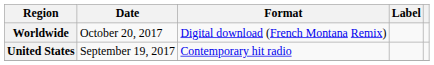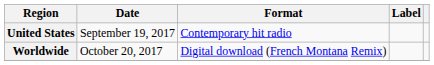 <table class="wikitable sortable plainrowheaders">
 <tr>
 <th scope="col">Region</th>
 <th scope="col">Date</th>
 <th scope="col">Format</th>
 <th scope="col">Label</th>
 <th scope="col"></th>
 </tr>
 <tr>
+<th scope="row">United States</th>
+<td>September 19, 2017</td>
+<td><a href='#'>Contemporary hit radio</a></td>
+<td></td>
+<td></td>
+</tr>
+<tr>
 <th scope="row">Worldwide</th>
 <td>October 20, 2017</td>
 <td><a href='#'>Digital download</a> (<a href='#'>French Montana</a> <a href='#'>Remix</a>)</td>
 <td></td>
 <td></td>
 </tr>
 <tr>
-<th scope="row">United States</th>
-<td>September 19, 2017</td>
-<td><a href='#'>Contemporary hit radio</a></td>
-<td></td>
-<td></td>
-</tr>
-<tr>
 </tr>
 </table>
